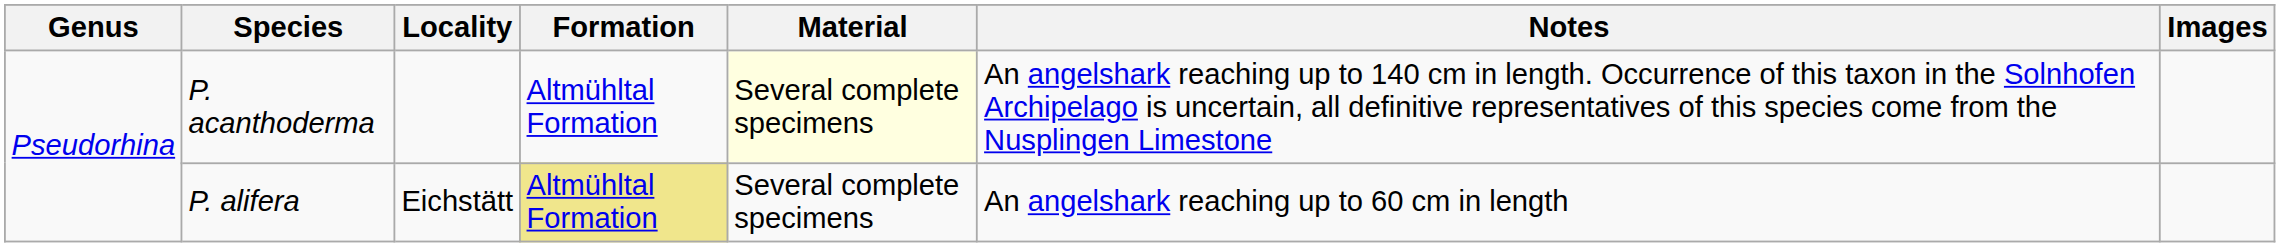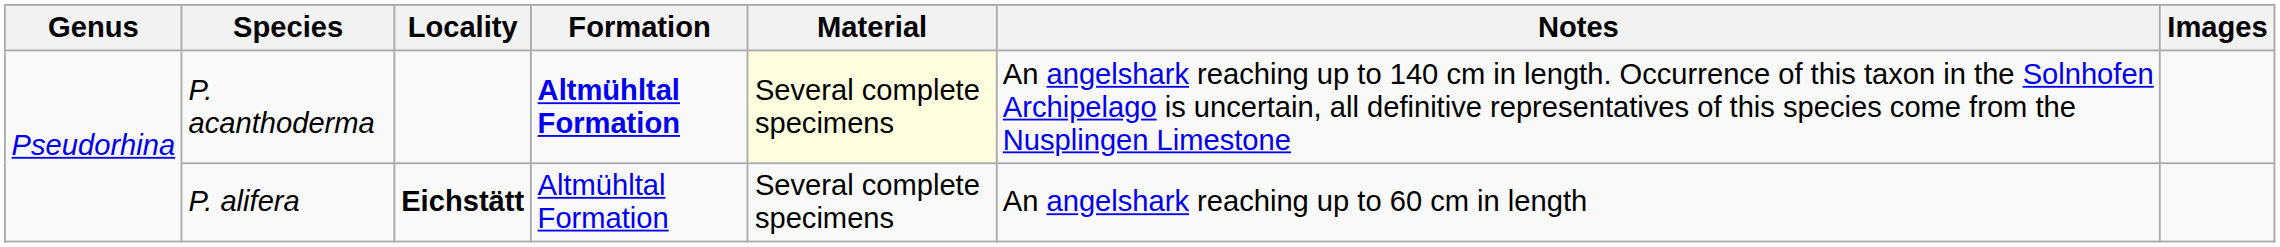 <table class="wikitable">
 <tr>
 <th>Genus</th>
 <th>Species</th>
 <th>Locality</th>
 <th>Formation</th>
 <th>Material</th>
 <th>Notes</th>
 <th>Images</th>
 </tr>
 <tr>
 <td rowspan="2"><em><a href='#'>Pseudorhina</a></em></td>
 <td><em>P. acanthoderma</em></td>
 <td></td>
-<td><a href='#'>Altmühltal Formation</a></td>
+<td><strong><a href='#'>Altmühltal Formation</a></strong></td>
 <td style="background: lightyellow;">Several complete specimens</td>
 <td>An <a href='#'>angelshark</a> reaching up to 140 cm in length. Occurrence of this taxon in the <a href='#'>Solnhofen Archipelago</a> is uncertain, all definitive representatives of this species come from the <a href='#'>Nusplingen Limestone</a></td>
 <td></td>
 </tr>
 <tr>
 <td><em>P. alifera</em></td>
-<td>Eichstätt</td>
-<td style="background: khaki;"><a href='#'>Altmühltal Formation</a></td>
+<td><strong>Eichstätt</strong></td>
+<td><a href='#'>Altmühltal Formation</a></td>
 <td>Several complete specimens</td>
 <td>An <a href='#'>angelshark</a> reaching up to 60 cm in length</td>
 <td></td>
 </tr>
 </table>
